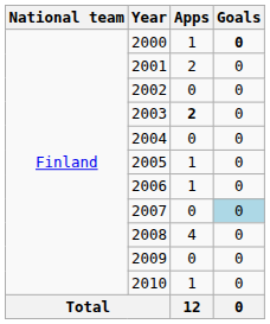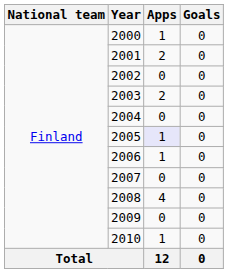 <table class="wikitable" style="text-align:center">
 <tr>
 <th>National team</th>
 <th>Year</th>
 <th>Apps</th>
 <th>Goals</th>
 </tr>
 <tr>
 <td rowspan="11"><a href='#'>Finland</a></td>
 <td>2000</td>
 <td>1</td>
-<td><strong>0</strong></td>
+<td>0</td>
 </tr>
 <tr>
 <td>2001</td>
 <td>2</td>
 <td>0</td>
 </tr>
 <tr>
 <td>2002</td>
 <td>0</td>
 <td>0</td>
 </tr>
 <tr>
 <td>2003</td>
-<td><strong>2</strong></td>
+<td>2</td>
 <td>0</td>
 </tr>
 <tr>
 <td>2004</td>
 <td>0</td>
 <td>0</td>
 </tr>
 <tr>
 <td>2005</td>
-<td>1</td>
+<td style="background: lavender;">1</td>
 <td>0</td>
 </tr>
 <tr>
 <td>2006</td>
 <td>1</td>
 <td>0</td>
 </tr>
 <tr>
 <td>2007</td>
 <td>0</td>
-<td style="background: lightblue;">0</td>
+<td>0</td>
 </tr>
 <tr>
 <td>2008</td>
 <td>4</td>
 <td>0</td>
 </tr>
 <tr>
 <td>2009</td>
 <td>0</td>
 <td>0</td>
 </tr>
 <tr>
 <td>2010</td>
 <td>1</td>
 <td>0</td>
 </tr>
 <tr>
 <th colspan="2">Total</th>
 <th>12</th>
 <th>0</th>
 </tr>
 </table>
